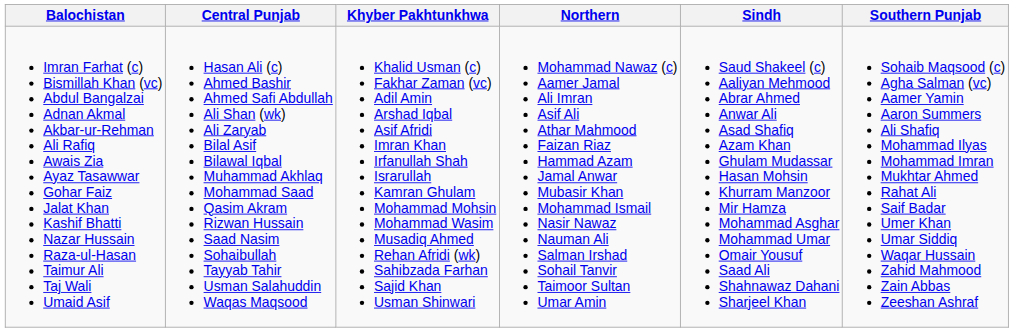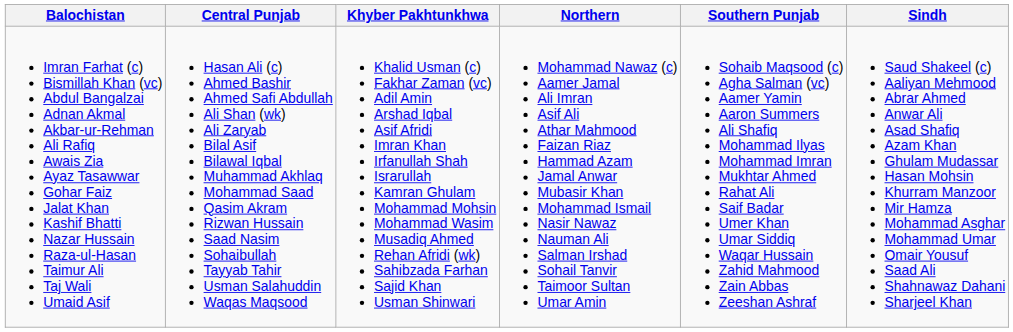 <table class="wikitable" style="text-align:left; margin:auto">
 <tr>
 <th><a href='#'>Balochistan</a></th>
 <th><a href='#'>Central Punjab</a></th>
 <th><a href='#'>Khyber Pakhtunkhwa</a></th>
 <th><a href='#'>Northern</a></th>
+<th><a href='#'>Southern Punjab</a></th>
 <th><a href='#'>Sindh</a></th>
-<th><a href='#'>Southern Punjab</a></th>
 </tr>
 <tr style="vertical-align:top">
 <td><br><ul><li><a href='#'>Imran Farhat</a> (<a href='#'>c</a>)</li><li><a href='#'>Bismillah Khan</a> (<a href='#'>vc</a>)</li><li><a href='#'>Abdul Bangalzai</a></li><li><a href='#'>Adnan Akmal</a></li><li><a href='#'>Akbar-ur-Rehman</a></li><li><a href='#'>Ali Rafiq</a></li><li><a href='#'>Awais Zia</a></li><li><a href='#'>Ayaz Tasawwar</a></li><li><a href='#'>Gohar Faiz</a></li><li><a href='#'>Jalat Khan</a></li><li><a href='#'>Kashif Bhatti</a></li><li><a href='#'>Nazar Hussain</a></li><li><a href='#'>Raza-ul-Hasan</a></li><li><a href='#'>Taimur Ali</a></li><li><a href='#'>Taj Wali</a></li><li><a href='#'>Umaid Asif</a></li></ul></td>
 <td><br><ul><li><a href='#'>Hasan Ali</a> (<a href='#'>c</a>)</li><li><a href='#'>Ahmed Bashir</a></li><li><a href='#'>Ahmed Safi Abdullah</a></li><li><a href='#'>Ali Shan</a> (<a href='#'>wk</a>)</li><li><a href='#'>Ali Zaryab</a></li><li><a href='#'>Bilal Asif</a></li><li><a href='#'>Bilawal Iqbal</a></li><li><a href='#'>Muhammad Akhlaq</a></li><li><a href='#'>Mohammad Saad</a></li><li><a href='#'>Qasim Akram</a></li><li><a href='#'>Rizwan Hussain</a></li><li><a href='#'>Saad Nasim</a></li><li><a href='#'>Sohaibullah</a></li><li><a href='#'>Tayyab Tahir</a></li><li><a href='#'>Usman Salahuddin</a></li><li><a href='#'>Waqas Maqsood</a></li></ul></td>
 <td><br><ul><li><a href='#'>Khalid Usman</a> (<a href='#'>c</a>)</li><li><a href='#'>Fakhar Zaman</a> (<a href='#'>vc</a>)</li><li><a href='#'>Adil Amin</a></li><li><a href='#'>Arshad Iqbal</a></li><li><a href='#'>Asif Afridi</a></li><li><a href='#'>Imran Khan</a></li><li><a href='#'>Irfanullah Shah</a></li><li><a href='#'>Israrullah</a></li><li><a href='#'>Kamran Ghulam</a></li><li><a href='#'>Mohammad Mohsin</a></li><li><a href='#'>Mohammad Wasim</a></li><li><a href='#'>Musadiq Ahmed</a></li><li><a href='#'>Rehan Afridi</a> (<a href='#'>wk</a>)</li><li><a href='#'>Sahibzada Farhan</a></li><li><a href='#'>Sajid Khan</a></li><li><a href='#'>Usman Shinwari</a></li></ul></td>
 <td><br><ul><li><a href='#'>Mohammad Nawaz</a> (<a href='#'>c</a>)</li><li><a href='#'>Aamer Jamal</a></li><li><a href='#'>Ali Imran</a></li><li><a href='#'>Asif Ali</a></li><li><a href='#'>Athar Mahmood</a></li><li><a href='#'>Faizan Riaz</a></li><li><a href='#'>Hammad Azam</a></li><li><a href='#'>Jamal Anwar</a></li><li><a href='#'>Mubasir Khan</a></li><li><a href='#'>Mohammad Ismail</a></li><li><a href='#'>Nasir Nawaz</a></li><li><a href='#'>Nauman Ali</a></li><li><a href='#'>Salman Irshad</a></li><li><a href='#'>Sohail Tanvir</a></li><li><a href='#'>Taimoor Sultan</a></li><li><a href='#'>Umar Amin</a></li></ul></td>
+<td><br><ul><li><a href='#'>Sohaib Maqsood</a> (<a href='#'>c</a>)</li><li><a href='#'>Agha Salman</a> (<a href='#'>vc</a>)</li><li><a href='#'>Aamer Yamin</a></li><li><a href='#'>Aaron Summers</a></li><li><a href='#'>Ali Shafiq</a></li><li><a href='#'>Mohammad Ilyas</a></li><li><a href='#'>Mohammad Imran</a></li><li><a href='#'>Mukhtar Ahmed</a></li><li><a href='#'>Rahat Ali</a></li><li><a href='#'>Saif Badar</a></li><li><a href='#'>Umer Khan</a></li><li><a href='#'>Umar Siddiq</a></li><li><a href='#'>Waqar Hussain</a></li><li><a href='#'>Zahid Mahmood</a></li><li><a href='#'>Zain Abbas</a></li><li><a href='#'>Zeeshan Ashraf</a></li></ul></td>
 <td><br><ul><li><a href='#'>Saud Shakeel</a> (<a href='#'>c</a>)</li><li><a href='#'>Aaliyan Mehmood</a></li><li><a href='#'>Abrar Ahmed</a></li><li><a href='#'>Anwar Ali</a></li><li><a href='#'>Asad Shafiq</a></li><li><a href='#'>Azam Khan</a></li><li><a href='#'>Ghulam Mudassar</a></li><li><a href='#'>Hasan Mohsin</a></li><li><a href='#'>Khurram Manzoor</a></li><li><a href='#'>Mir Hamza</a></li><li><a href='#'>Mohammad Asghar</a></li><li><a href='#'>Mohammad Umar</a></li><li><a href='#'>Omair Yousuf</a></li><li><a href='#'>Saad Ali</a></li><li><a href='#'>Shahnawaz Dahani</a></li><li><a href='#'>Sharjeel Khan</a></li></ul></td>
-<td><br><ul><li><a href='#'>Sohaib Maqsood</a> (<a href='#'>c</a>)</li><li><a href='#'>Agha Salman</a> (<a href='#'>vc</a>)</li><li><a href='#'>Aamer Yamin</a></li><li><a href='#'>Aaron Summers</a></li><li><a href='#'>Ali Shafiq</a></li><li><a href='#'>Mohammad Ilyas</a></li><li><a href='#'>Mohammad Imran</a></li><li><a href='#'>Mukhtar Ahmed</a></li><li><a href='#'>Rahat Ali</a></li><li><a href='#'>Saif Badar</a></li><li><a href='#'>Umer Khan</a></li><li><a href='#'>Umar Siddiq</a></li><li><a href='#'>Waqar Hussain</a></li><li><a href='#'>Zahid Mahmood</a></li><li><a href='#'>Zain Abbas</a></li><li><a href='#'>Zeeshan Ashraf</a></li></ul></td>
 </tr>
 </table>
